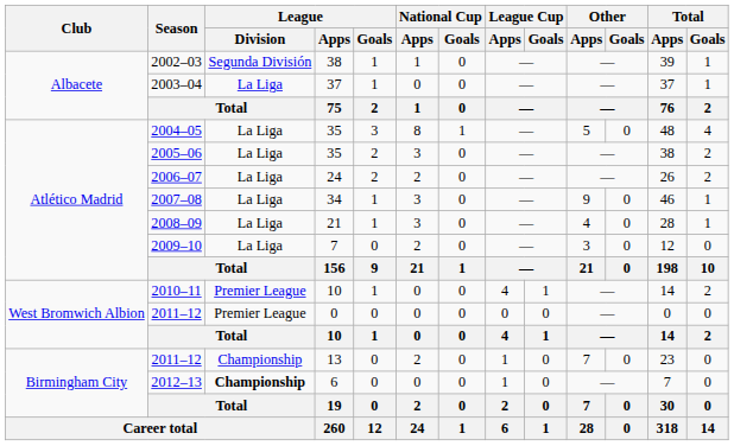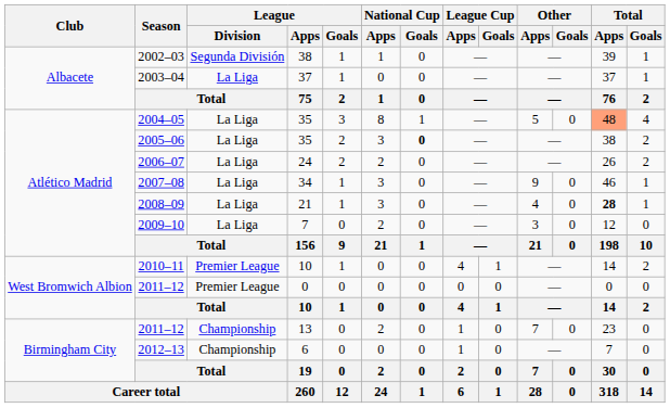 <table align=center class="wikitable" style="text-align:center">
 <tr>
 <th rowspan="2">Club</th>
 <th rowspan="2">Season</th>
 <th colspan="3">League</th>
 <th colspan="2">National Cup</th>
 <th colspan="2">League Cup</th>
 <th colspan="2">Other</th>
 <th colspan="2">Total</th>
 </tr>
 <tr>
 <th>Division</th>
 <th>Apps</th>
 <th>Goals</th>
 <th>Apps</th>
 <th>Goals</th>
 <th>Apps</th>
 <th>Goals</th>
 <th>Apps</th>
 <th>Goals</th>
 <th>Apps</th>
 <th>Goals</th>
 </tr>
 <tr>
 <td rowspan="3"><a href='#'>Albacete</a></td>
 <td>2002–03</td>
 <td><a href='#'>Segunda División</a></td>
 <td>38</td>
 <td>1</td>
 <td>1</td>
 <td>0</td>
 <td colspan="2">—</td>
 <td colspan="2">—</td>
 <td>39</td>
 <td>1</td>
 </tr>
 <tr>
 <td>2003–04</td>
 <td><a href='#'>La Liga</a></td>
 <td>37</td>
 <td>1</td>
 <td>0</td>
 <td>0</td>
 <td colspan="2">—</td>
 <td colspan="2">—</td>
 <td>37</td>
 <td>1</td>
 </tr>
 <tr>
 <th colspan="2">Total</th>
 <th>75</th>
 <th>2</th>
 <th>1</th>
 <th>0</th>
 <th colspan="2">—</th>
 <th colspan="2">—</th>
 <th>76</th>
 <th>2</th>
 </tr>
 <tr>
 <td rowspan="7"><a href='#'>Atlético Madrid</a></td>
 <td><a href='#'>2004–05</a></td>
 <td>La Liga</td>
 <td>35</td>
 <td>3</td>
 <td>8</td>
 <td>1</td>
 <td colspan="2">—</td>
 <td>5</td>
 <td>0</td>
-<td>48</td>
+<td style="background: lightsalmon;">48</td>
 <td>4</td>
 </tr>
 <tr>
 <td><a href='#'>2005–06</a></td>
 <td>La Liga</td>
 <td>35</td>
 <td>2</td>
 <td>3</td>
-<td>0</td>
+<td><strong>0</strong></td>
 <td colspan="2">—</td>
 <td colspan="2">—</td>
 <td>38</td>
 <td>2</td>
 </tr>
 <tr>
 <td><a href='#'>2006–07</a></td>
 <td>La Liga</td>
 <td>24</td>
 <td>2</td>
 <td>2</td>
 <td>0</td>
 <td colspan="2">—</td>
 <td colspan="2">—</td>
 <td>26</td>
 <td>2</td>
 </tr>
 <tr>
 <td><a href='#'>2007–08</a></td>
 <td>La Liga</td>
 <td>34</td>
 <td>1</td>
 <td>3</td>
 <td>0</td>
 <td colspan="2">—</td>
 <td>9</td>
 <td>0</td>
 <td>46</td>
 <td>1</td>
 </tr>
 <tr>
 <td><a href='#'>2008–09</a></td>
 <td>La Liga</td>
 <td>21</td>
 <td>1</td>
 <td>3</td>
 <td>0</td>
 <td colspan="2">—</td>
 <td>4</td>
 <td>0</td>
-<td>28</td>
+<td><strong>28</strong></td>
 <td>1</td>
 </tr>
 <tr>
 <td><a href='#'>2009–10</a></td>
 <td>La Liga</td>
 <td>7</td>
 <td>0</td>
 <td>2</td>
 <td>0</td>
 <td colspan="2">—</td>
 <td>3</td>
 <td>0</td>
 <td>12</td>
 <td>0</td>
 </tr>
 <tr>
 <th colspan="2">Total</th>
 <th>156</th>
 <th>9</th>
 <th>21</th>
 <th>1</th>
 <th colspan="2">—</th>
 <th>21</th>
 <th>0</th>
 <th>198</th>
 <th>10</th>
 </tr>
 <tr>
 <td rowspan="3"><a href='#'>West Bromwich Albion</a></td>
 <td><a href='#'>2010–11</a></td>
 <td><a href='#'>Premier League</a></td>
 <td>10</td>
 <td>1</td>
 <td>0</td>
 <td>0</td>
 <td>4</td>
 <td>1</td>
 <td colspan="2">—</td>
 <td>14</td>
 <td>2</td>
 </tr>
 <tr>
 <td><a href='#'>2011–12</a></td>
 <td>Premier League</td>
 <td>0</td>
 <td>0</td>
 <td>0</td>
 <td>0</td>
 <td>0</td>
 <td>0</td>
 <td colspan="2">—</td>
 <td>0</td>
 <td>0</td>
 </tr>
 <tr>
 <th colspan="2">Total</th>
 <th>10</th>
 <th>1</th>
 <th>0</th>
 <th>0</th>
 <th>4</th>
 <th>1</th>
 <th colspan="2">—</th>
 <th>14</th>
 <th>2</th>
 </tr>
 <tr>
 <td rowspan="3"><a href='#'>Birmingham City</a></td>
 <td><a href='#'>2011–12</a></td>
 <td><a href='#'>Championship</a></td>
 <td>13</td>
 <td>0</td>
 <td>2</td>
 <td>0</td>
 <td>1</td>
 <td>0</td>
 <td>7</td>
 <td>0</td>
 <td>23</td>
 <td>0</td>
 </tr>
 <tr>
 <td><a href='#'>2012–13</a></td>
-<td><strong>Championship</strong></td>
+<td>Championship</td>
 <td>6</td>
 <td>0</td>
 <td>0</td>
 <td>0</td>
 <td>1</td>
 <td>0</td>
 <td colspan="2">—</td>
 <td>7</td>
 <td>0</td>
 </tr>
 <tr>
 <th colspan="2">Total</th>
 <th>19</th>
 <th>0</th>
 <th>2</th>
 <th>0</th>
 <th>2</th>
 <th>0</th>
 <th>7</th>
 <th>0</th>
 <th>30</th>
 <th>0</th>
 </tr>
 <tr>
 <th colspan="3">Career total</th>
 <th>260</th>
 <th>12</th>
 <th>24</th>
 <th>1</th>
 <th>6</th>
 <th>1</th>
 <th>28</th>
 <th>0</th>
 <th>318</th>
 <th>14</th>
 </tr>
 </table>
